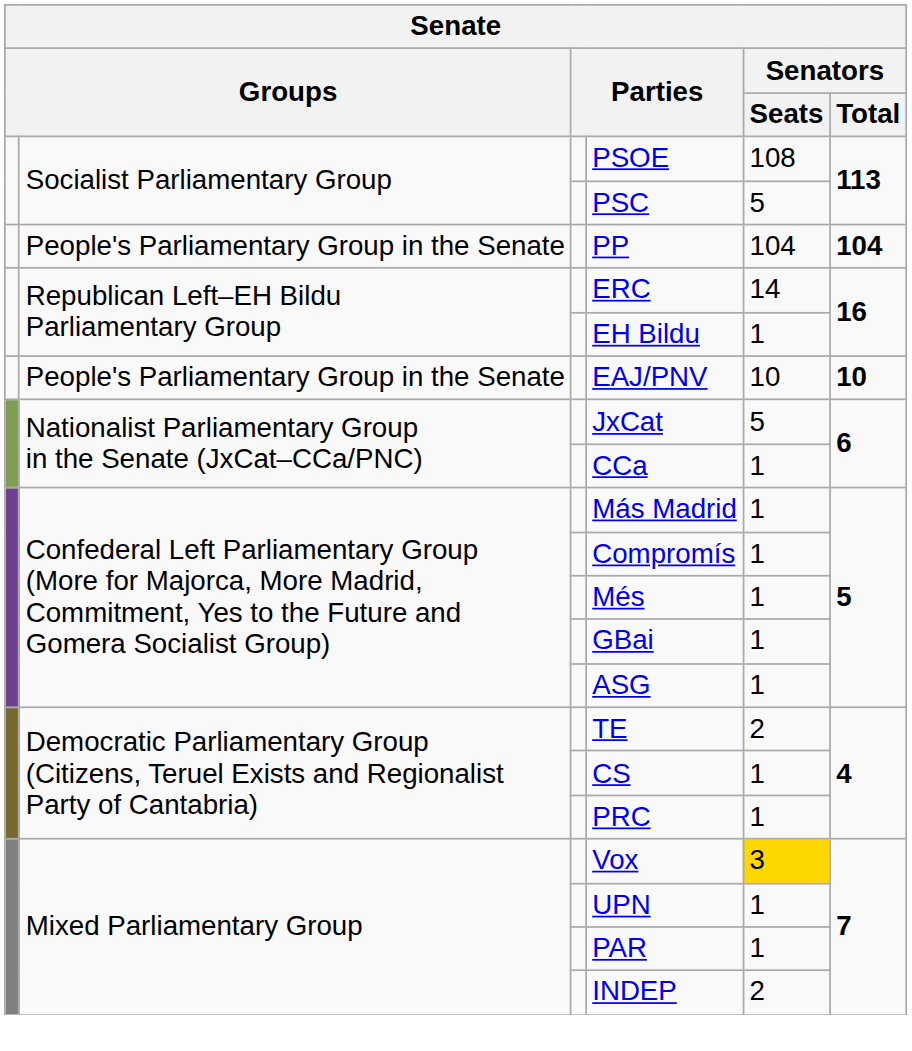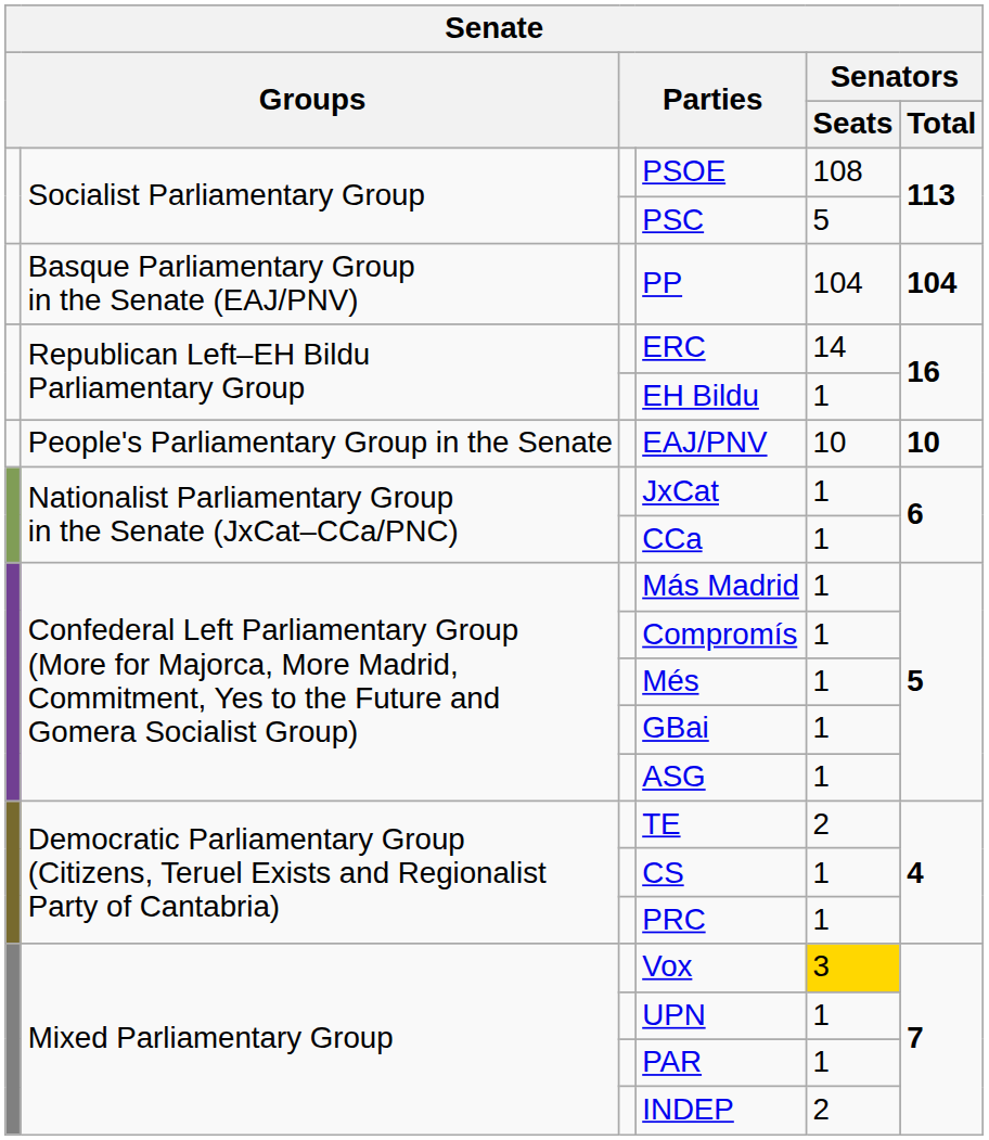 <table class="wikitable" style="text-align:left;">
 <tr>
 <th colspan="6">Senate</th>
 </tr>
 <tr>
 <th rowspan="2" colspan="2">Groups</th>
 <th rowspan="2" colspan="2">Parties</th>
 <th colspan="2">Senators</th>
 </tr>
 <tr>
 <th>Seats</th>
 <th>Total</th>
 </tr>
 <tr>
 <td width="1" rowspan="2"></td>
 <td rowspan="2">Socialist Parliamentary Group</td>
 <td width="1" style="color:inherit;background:"></td>
 <td><a href='#'>PSOE</a></td>
 <td>108</td>
 <td rowspan="2"><strong>113</strong></td>
 </tr>
 <tr>
 <td style="color:inherit;background:"></td>
 <td><a href='#'>PSC</a></td>
 <td>5</td>
 </tr>
 <tr>
 <td style="color:inherit;background:"></td>
-<td>People's Parliamentary Group in the Senate</td>
+<td>Basque Parliamentary Group<br>in the Senate (EAJ/PNV)</td>
 <td style="color:inherit;background:"></td>
 <td><a href='#'>PP</a></td>
 <td>104</td>
 <td><strong>104</strong></td>
 </tr>
 <tr>
 <td rowspan="2" style="color:inherit;background:"></td>
 <td rowspan="2">Republican Left–EH Bildu<br>Parliamentary Group</td>
 <td style="color:inherit;background:"></td>
 <td><a href='#'>ERC</a></td>
 <td>14</td>
 <td rowspan="2"><strong>16</strong></td>
 </tr>
 <tr>
 <td style="color:inherit;background:"></td>
 <td><a href='#'>EH Bildu</a></td>
 <td>1</td>
 </tr>
 <tr>
 <td style="color:inherit;background:"></td>
 <td>People's Parliamentary Group in the Senate</td>
 <td style="color:inherit;background:"></td>
 <td><a href='#'>EAJ/PNV</a></td>
 <td>10</td>
 <td><strong>10</strong></td>
 </tr>
 <tr>
 <td rowspan="2" bgcolor="#809D56"></td>
 <td rowspan="2">Nationalist Parliamentary Group<br>in the Senate (JxCat–CCa/PNC)</td>
 <td style="color:inherit;background:"></td>
 <td><a href='#'>JxCat</a></td>
-<td>5</td>
+<td>1</td>
 <td rowspan="2"><strong>6</strong></td>
 </tr>
 <tr>
 <td style="color:inherit;background:"></td>
 <td><a href='#'>CCa</a></td>
 <td>1</td>
 </tr>
 <tr>
 <td rowspan="5" bgcolor="#713F92"></td>
 <td rowspan="5">Confederal Left Parliamentary Group<br>(More for Majorca, More Madrid,<br>Commitment, Yes to the Future and<br>Gomera Socialist Group)</td>
 <td style="color:inherit;background:"></td>
 <td><a href='#'>Más Madrid</a></td>
 <td>1</td>
 <td rowspan="5"><strong>5</strong></td>
 </tr>
 <tr>
 <td style="color:inherit;background:"></td>
 <td><a href='#'>Compromís</a></td>
 <td>1</td>
 </tr>
 <tr>
 <td style="color:inherit;background:"></td>
 <td><a href='#'>Més</a></td>
 <td>1</td>
 </tr>
 <tr>
 <td style="color:inherit;background:"></td>
 <td><a href='#'>GBai</a></td>
 <td>1</td>
 </tr>
 <tr>
 <td style="color:inherit;background:"></td>
 <td><a href='#'>ASG</a></td>
 <td>1</td>
 </tr>
 <tr>
 <td rowspan="3" bgcolor="#776A2E"></td>
 <td rowspan="3">Democratic Parliamentary Group<br>(Citizens, Teruel Exists and Regionalist<br>Party of Cantabria)</td>
 <td style="color:inherit;background:"></td>
 <td><a href='#'>TE</a></td>
 <td>2</td>
 <td rowspan="3"><strong>4</strong></td>
 </tr>
 <tr>
 <td style="color:inherit;background:"></td>
 <td><a href='#'>CS</a></td>
 <td>1</td>
 </tr>
 <tr>
 <td style="color:inherit;background:"></td>
 <td><a href='#'>PRC</a></td>
 <td>1</td>
 </tr>
 <tr>
 <td rowspan="4" bgcolor="gray"></td>
 <td rowspan="4">Mixed Parliamentary Group</td>
 <td style="color:inherit;background:"></td>
 <td><a href='#'>Vox</a></td>
 <td style="background: gold;">3</td>
 <td rowspan="4"><strong>7</strong></td>
 </tr>
 <tr>
 <td style="color:inherit;background:"></td>
 <td><a href='#'>UPN</a></td>
 <td>1</td>
 </tr>
 <tr>
 <td style="color:inherit;background:"></td>
 <td><a href='#'>PAR</a></td>
 <td>1</td>
 </tr>
 <tr>
 <td style="color:inherit;background:"></td>
 <td><a href='#'>INDEP</a></td>
 <td>2</td>
 </tr>
 </table>
